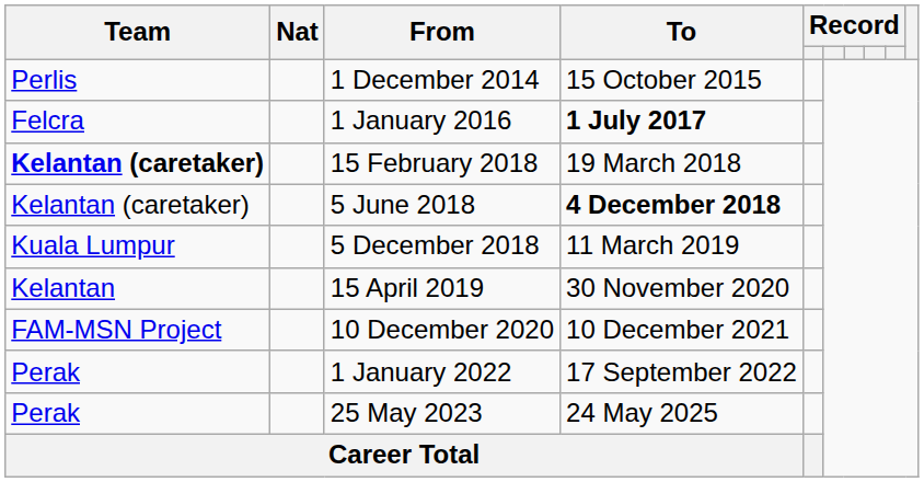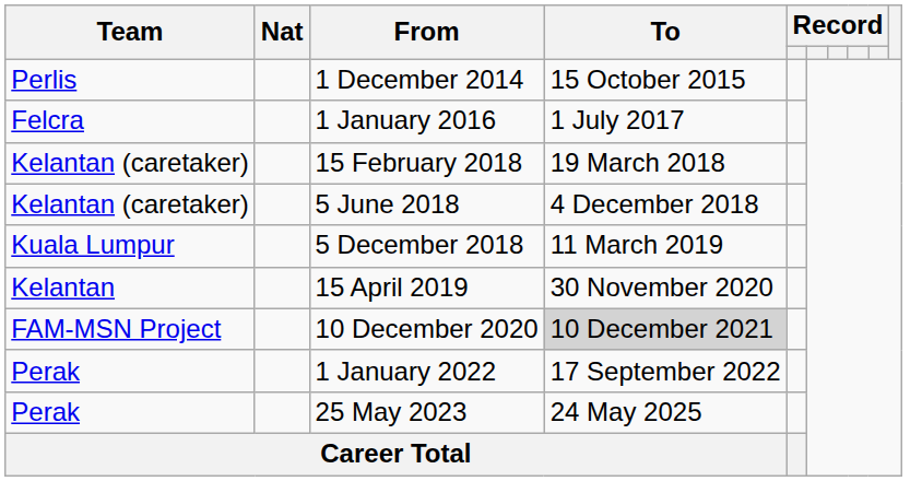 <table class="wikitable" style="text-align:center">
 <tr>
 <th rowspan="2">Team</th>
 <th rowspan="2">Nat</th>
 <th rowspan="2">From</th>
 <th rowspan="2">To</th>
 <th colspan="5">Record</th>
 <th rowspan="2"></th>
 </tr>
 <tr>
 <th></th>
 <th></th>
 <th></th>
 <th></th>
 <th></th>
 </tr>
 <tr>
 <td align="left"><a href='#'>Perlis</a></td>
 <td></td>
 <td align="left">1 December 2014</td>
 <td align="left">15 October 2015<br></td>
 <td></td>
 </tr>
 <tr>
 <td align="left"><a href='#'>Felcra</a></td>
 <td></td>
 <td align="left">1 January 2016</td>
-<td align="left"><strong>1 July 2017<br></strong></td>
+<td align="left">1 July 2017<br></td>
 <td></td>
 </tr>
 <tr>
-<td align="left"><strong><a href='#'>Kelantan</a> (caretaker)</strong></td>
+<td align="left"><a href='#'>Kelantan</a> (caretaker)</td>
 <td></td>
 <td align="left">15 February 2018</td>
 <td align="left">19 March 2018<br></td>
 <td></td>
 </tr>
 <tr>
 <td align="left"><a href='#'>Kelantan</a> (caretaker)</td>
 <td></td>
 <td align="left">5 June 2018</td>
-<td align="left"><strong>4 December 2018<br></strong></td>
+<td align="left">4 December 2018<br></td>
 <td></td>
 </tr>
 <tr>
 <td align="left"><a href='#'>Kuala Lumpur</a></td>
 <td></td>
 <td align="left">5 December 2018</td>
 <td align="left">11 March 2019<br></td>
 <td></td>
 </tr>
 <tr>
 <td align="left"><a href='#'>Kelantan</a></td>
 <td></td>
 <td align="left">15 April 2019</td>
 <td align="left">30 November 2020<br></td>
 <td></td>
 </tr>
 <tr>
 <td align="left"><a href='#'>FAM-MSN Project</a></td>
 <td></td>
 <td align="left">10 December 2020</td>
-<td align="left">10 December 2021<br></td>
+<td align="left" style="background: lightgrey;">10 December 2021<br></td>
 <td></td>
 </tr>
 <tr>
 <td align="left"><a href='#'>Perak</a></td>
 <td></td>
 <td align="left">1 January 2022</td>
 <td align="left">17 September 2022<br></td>
 <td></td>
 </tr>
 <tr>
 <td align="left"><a href='#'>Perak</a></td>
 <td></td>
 <td align="left">25 May 2023</td>
 <td align="left">24 May 2025<br></td>
 <td></td>
 </tr>
 <tr>
 <th colspan="4">Career Total<br></th>
 <th></th>
 </tr>
 </table>
